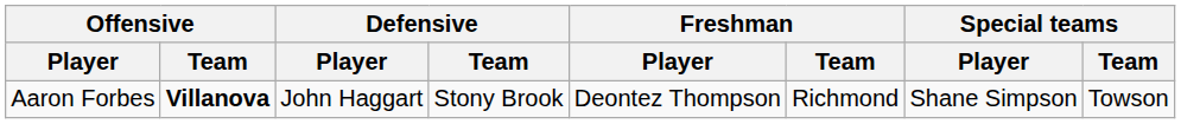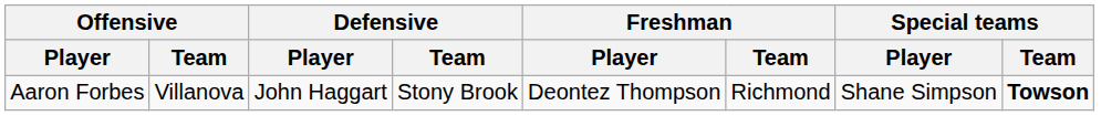 <table class="wikitable" border="1">
 <tr>
 <th colspan="2">Offensive</th>
 <th colspan="2">Defensive</th>
 <th colspan="2">Freshman</th>
 <th colspan="2">Special teams</th>
 </tr>
 <tr>
 <th>Player</th>
 <th>Team</th>
 <th>Player</th>
 <th>Team</th>
 <th>Player</th>
 <th>Team</th>
 <th>Player</th>
 <th>Team</th>
 </tr>
 <tr>
 <td>Aaron Forbes</td>
-<td><strong>Villanova</strong></td>
+<td>Villanova</td>
 <td>John Haggart</td>
 <td>Stony Brook</td>
 <td>Deontez Thompson</td>
 <td>Richmond</td>
 <td>Shane Simpson</td>
-<td>Towson</td>
+<td><strong>Towson</strong></td>
 </tr>
 </table>
